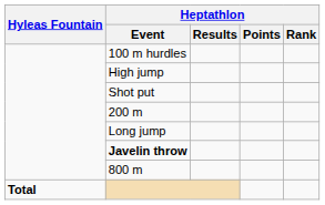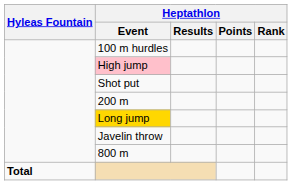 <table class=wikitable style="font-size:90%;">
 <tr>
 <th rowspan="2"><a href='#'>Hyleas Fountain</a></th>
 <th colspan="4"><a href='#'>Heptathlon</a></th>
 </tr>
 <tr>
 <th>Event</th>
 <th>Results</th>
 <th>Points</th>
 <th>Rank</th>
 </tr>
 <tr style="border-top: single;">
 <td rowspan="7"></td>
 <td>100 m hurdles</td>
 <td align=center></td>
 <td align=center></td>
 <td align=center></td>
 </tr>
 <tr>
-<td>High jump</td>
+<td style="background: pink;">High jump</td>
 <td align=center></td>
 <td align=center></td>
 <td align=center></td>
 </tr>
 <tr>
 <td>Shot put</td>
 <td align=center></td>
 <td align=center></td>
 <td align=center></td>
 </tr>
 <tr>
 <td>200 m</td>
 <td align=center></td>
 <td align=center></td>
 <td align=center></td>
 </tr>
 <tr>
-<td>Long jump</td>
+<td style="background: gold;">Long jump</td>
 <td align=center></td>
 <td align=center></td>
 <td align=center></td>
 </tr>
 <tr>
-<td><strong>Javelin throw</strong></td>
+<td>Javelin throw</td>
 <td align=center></td>
 <td align=center></td>
 <td align=center></td>
 </tr>
 <tr>
 <td>800 m</td>
 <td align=center></td>
 <td align=center></td>
 <td align=center></td>
 </tr>
 <tr style="border-top: single;">
 <td><strong>Total</strong></td>
 <td colspan="2" style="background:wheat;"></td>
 <td align=center></td>
 <td align=center></td>
 </tr>
 </table>
